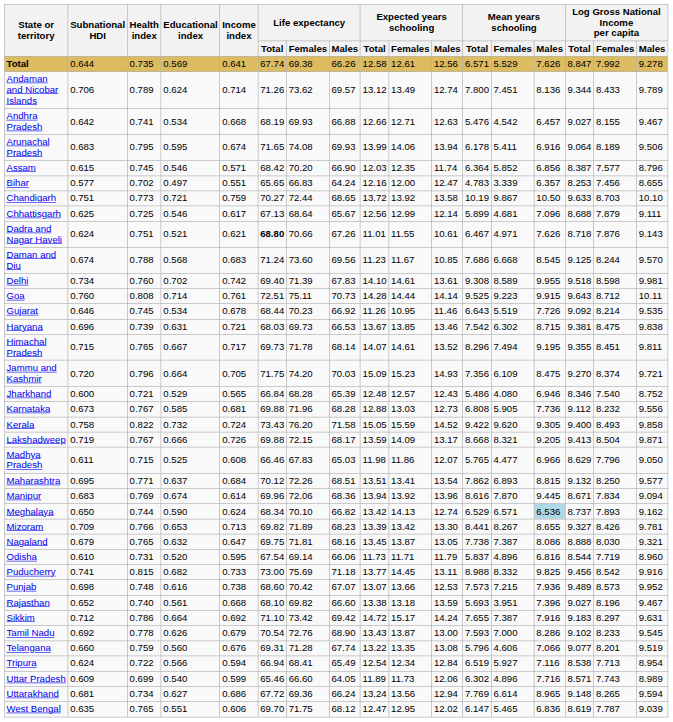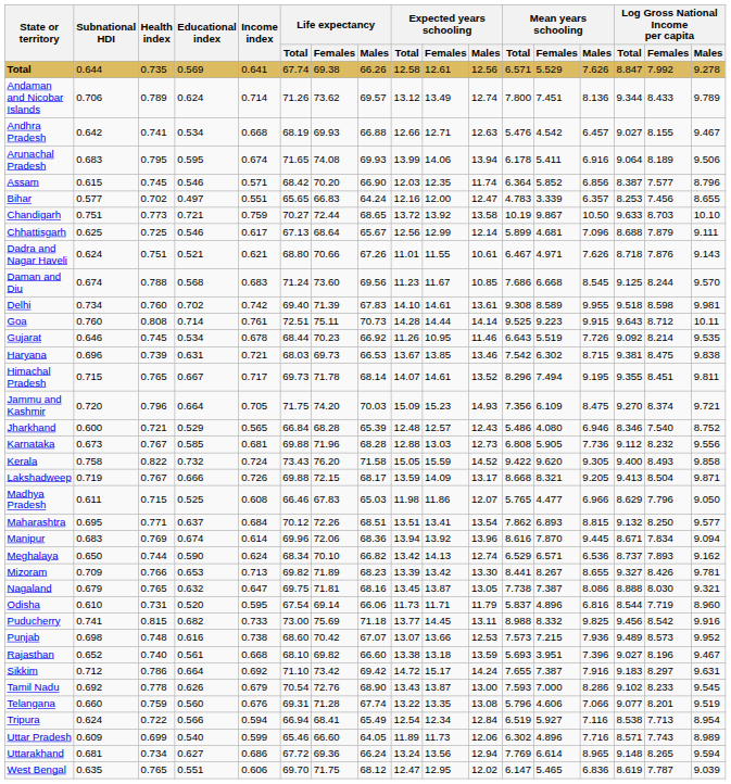 <table class="wikitable sortable sort-under-center">
 <tr>
 <th rowspan=2>State or territory</th>
 <th rowspan=2>Subnational<br>HDI</th>
 <th rowspan=2>Health<br>index</th>
 <th rowspan=2>Educational<br>index</th>
 <th rowspan=2>Income<br>index</th>
 <th colspan=3>Life expectancy</th>
 <th colspan=3>Expected years schooling</th>
 <th colspan=3>Mean years schooling</th>
 <th colspan=3>Log Gross National Income<br>per capita</th>
 </tr>
 <tr>
 <th>Total</th>
 <th>Females</th>
 <th>Males</th>
 <th>Total</th>
 <th>Females</th>
 <th>Males</th>
 <th>Total</th>
 <th>Females</th>
 <th>Males</th>
 <th>Total</th>
 <th>Females</th>
 <th>Males</th>
 </tr>
 <tr style="background:#DDBB60;">
 <td><strong>Total</strong></td>
 <td>0.644</td>
 <td>0.735</td>
 <td>0.569</td>
 <td>0.641</td>
 <td>67.74</td>
 <td>69.38</td>
 <td>66.26</td>
 <td>12.58</td>
 <td>12.61</td>
 <td>12.56</td>
 <td>6.571</td>
 <td>5.529</td>
 <td>7.626</td>
 <td>8.847</td>
 <td>7.992</td>
 <td>9.278</td>
 </tr>
 <tr>
 <td><a href='#'>Andaman and Nicobar Islands</a></td>
 <td>0.706</td>
 <td>0.789</td>
 <td>0.624</td>
 <td>0.714</td>
 <td>71.26</td>
 <td>73.62</td>
 <td>69.57</td>
 <td>13.12</td>
 <td>13.49</td>
 <td>12.74</td>
 <td>7.800</td>
 <td>7.451</td>
 <td>8.136</td>
 <td>9.344</td>
 <td>8.433</td>
 <td>9.789</td>
 </tr>
 <tr>
 <td><a href='#'>Andhra Pradesh</a></td>
 <td>0.642</td>
 <td>0.741</td>
 <td>0.534</td>
 <td>0.668</td>
 <td>68.19</td>
 <td>69.93</td>
 <td>66.88</td>
 <td>12.66</td>
 <td>12.71</td>
 <td>12.63</td>
 <td>5.476</td>
 <td>4.542</td>
 <td>6.457</td>
 <td>9.027</td>
 <td>8.155</td>
 <td>9.467</td>
 </tr>
 <tr>
 <td><a href='#'>Arunachal Pradesh</a></td>
 <td>0.683</td>
 <td>0.795</td>
 <td>0.595</td>
 <td>0.674</td>
 <td>71.65</td>
 <td>74.08</td>
 <td>69.93</td>
 <td>13.99</td>
 <td>14.06</td>
 <td>13.94</td>
 <td>6.178</td>
 <td>5.411</td>
 <td>6.916</td>
 <td>9.064</td>
 <td>8.189</td>
 <td>9.506</td>
 </tr>
 <tr>
 <td><a href='#'>Assam</a></td>
 <td>0.615</td>
 <td>0.745</td>
 <td>0.546</td>
 <td>0.571</td>
 <td>68.42</td>
 <td>70.20</td>
 <td>66.90</td>
 <td>12.03</td>
 <td>12.35</td>
 <td>11.74</td>
 <td>6.364</td>
 <td>5.852</td>
 <td>6.856</td>
 <td>8.387</td>
 <td>7.577</td>
 <td>8.796</td>
 </tr>
 <tr>
 <td><a href='#'>Bihar</a></td>
 <td>0.577</td>
 <td>0.702</td>
 <td>0.497</td>
 <td>0.551</td>
 <td>65.65</td>
 <td>66.83</td>
 <td>64.24</td>
 <td>12.16</td>
 <td>12.00</td>
 <td>12.47</td>
 <td>4.783</td>
 <td>3.339</td>
 <td>6.357</td>
 <td>8.253</td>
 <td>7.456</td>
 <td>8.655</td>
 </tr>
 <tr>
 <td><a href='#'>Chandigarh</a></td>
 <td>0.751</td>
 <td>0.773</td>
 <td>0.721</td>
 <td>0.759</td>
 <td>70.27</td>
 <td>72.44</td>
 <td>68.65</td>
 <td>13.72</td>
 <td>13.92</td>
 <td>13.58</td>
 <td>10.19</td>
 <td>9.867</td>
 <td>10.50</td>
 <td>9.633</td>
 <td>8.703</td>
 <td>10.10</td>
 </tr>
 <tr>
 <td><a href='#'>Chhattisgarh</a></td>
 <td>0.625</td>
 <td>0.725</td>
 <td>0.546</td>
 <td>0.617</td>
 <td>67.13</td>
 <td>68.64</td>
 <td>65.67</td>
 <td>12.56</td>
 <td>12.99</td>
 <td>12.14</td>
 <td>5.899</td>
 <td>4.681</td>
 <td>7.096</td>
 <td>8.688</td>
 <td>7.879</td>
 <td>9.111</td>
 </tr>
 <tr>
 <td><a href='#'>Dadra and Nagar Haveli</a></td>
 <td>0.624</td>
 <td>0.751</td>
 <td>0.521</td>
 <td>0.621</td>
-<td><strong>68.80</strong></td>
+<td>68.80</td>
 <td>70.66</td>
 <td>67.26</td>
 <td>11.01</td>
 <td>11.55</td>
 <td>10.61</td>
 <td>6.467</td>
 <td>4.971</td>
 <td>7.626</td>
 <td>8.718</td>
 <td>7.876</td>
 <td>9.143</td>
 </tr>
 <tr>
 <td><a href='#'>Daman and Diu</a></td>
 <td>0.674</td>
 <td>0.788</td>
 <td>0.568</td>
 <td>0.683</td>
 <td>71.24</td>
 <td>73.60</td>
 <td>69.56</td>
 <td>11.23</td>
 <td>11.67</td>
 <td>10.85</td>
 <td>7.686</td>
 <td>6.668</td>
 <td>8.545</td>
 <td>9.125</td>
 <td>8.244</td>
 <td>9.570</td>
 </tr>
 <tr>
 <td><a href='#'>Delhi</a></td>
 <td>0.734</td>
 <td>0.760</td>
 <td>0.702</td>
 <td>0.742</td>
 <td>69.40</td>
 <td>71.39</td>
 <td>67.83</td>
 <td>14.10</td>
 <td>14.61</td>
 <td>13.61</td>
 <td>9.308</td>
 <td>8.589</td>
 <td>9.955</td>
 <td>9.518</td>
 <td>8.598</td>
 <td>9.981</td>
 </tr>
 <tr>
 <td><a href='#'>Goa</a></td>
 <td>0.760</td>
 <td>0.808</td>
 <td>0.714</td>
 <td>0.761</td>
 <td>72.51</td>
 <td>75.11</td>
 <td>70.73</td>
 <td>14.28</td>
 <td>14.44</td>
 <td>14.14</td>
 <td>9.525</td>
 <td>9.223</td>
 <td>9.915</td>
 <td>9.643</td>
 <td>8.712</td>
 <td>10.11</td>
 </tr>
 <tr>
 <td><a href='#'>Gujarat</a></td>
 <td>0.646</td>
 <td>0.745</td>
 <td>0.534</td>
 <td>0.678</td>
 <td>68.44</td>
 <td>70.23</td>
 <td>66.92</td>
 <td>11.26</td>
 <td>10.95</td>
 <td>11.46</td>
 <td>6.643</td>
 <td>5.519</td>
 <td>7.726</td>
 <td>9.092</td>
 <td>8.214</td>
 <td>9.535</td>
 </tr>
 <tr>
 <td><a href='#'>Haryana</a></td>
 <td>0.696</td>
 <td>0.739</td>
 <td>0.631</td>
 <td>0.721</td>
 <td>68.03</td>
 <td>69.73</td>
 <td>66.53</td>
 <td>13.67</td>
 <td>13.85</td>
 <td>13.46</td>
 <td>7.542</td>
 <td>6.302</td>
 <td>8.715</td>
 <td>9.381</td>
 <td>8.475</td>
 <td>9.838</td>
 </tr>
 <tr>
 <td><a href='#'>Himachal Pradesh</a></td>
 <td>0.715</td>
 <td>0.765</td>
 <td>0.667</td>
 <td>0.717</td>
 <td>69.73</td>
 <td>71.78</td>
 <td>68.14</td>
 <td>14.07</td>
 <td>14.61</td>
 <td>13.52</td>
 <td>8.296</td>
 <td>7.494</td>
 <td>9.195</td>
 <td>9.355</td>
 <td>8.451</td>
 <td>9.811</td>
 </tr>
 <tr>
 <td><a href='#'>Jammu and Kashmir</a></td>
 <td>0.720</td>
 <td>0.796</td>
 <td>0.664</td>
 <td>0.705</td>
 <td>71.75</td>
 <td>74.20</td>
 <td>70.03</td>
 <td>15.09</td>
 <td>15.23</td>
 <td>14.93</td>
 <td>7.356</td>
 <td>6.109</td>
 <td>8.475</td>
 <td>9.270</td>
 <td>8.374</td>
 <td>9.721</td>
 </tr>
 <tr>
 <td><a href='#'>Jharkhand</a></td>
 <td>0.600</td>
 <td>0.721</td>
 <td>0.529</td>
 <td>0.565</td>
 <td>66.84</td>
 <td>68.28</td>
 <td>65.39</td>
 <td>12.48</td>
 <td>12.57</td>
 <td>12.43</td>
 <td>5.486</td>
 <td>4.080</td>
 <td>6.946</td>
 <td>8.346</td>
 <td>7.540</td>
 <td>8.752</td>
 </tr>
 <tr>
 <td><a href='#'>Karnataka</a></td>
 <td>0.673</td>
 <td>0.767</td>
 <td>0.585</td>
 <td>0.681</td>
 <td>69.88</td>
 <td>71.96</td>
 <td>68.28</td>
 <td>12.88</td>
 <td>13.03</td>
 <td>12.73</td>
 <td>6.808</td>
 <td>5.905</td>
 <td>7.736</td>
 <td>9.112</td>
 <td>8.232</td>
 <td>9.556</td>
 </tr>
 <tr>
 <td><a href='#'>Kerala</a></td>
 <td>0.758</td>
 <td>0.822</td>
 <td>0.732</td>
 <td>0.724</td>
 <td>73.43</td>
 <td>76.20</td>
 <td>71.58</td>
 <td>15.05</td>
 <td>15.59</td>
 <td>14.52</td>
 <td>9.422</td>
 <td>9.620</td>
 <td>9.305</td>
 <td>9.400</td>
 <td>8.493</td>
 <td>9.858</td>
 </tr>
 <tr>
 <td><a href='#'>Lakshadweep</a></td>
 <td>0.719</td>
 <td>0.767</td>
 <td>0.666</td>
 <td>0.726</td>
 <td>69.88</td>
 <td>72.15</td>
 <td>68.17</td>
 <td>13.59</td>
 <td>14.09</td>
 <td>13.17</td>
 <td>8.668</td>
 <td>8.321</td>
 <td>9.205</td>
 <td>9.413</td>
 <td>8.504</td>
 <td>9.871</td>
 </tr>
 <tr>
 <td><a href='#'>Madhya Pradesh</a></td>
 <td>0.611</td>
 <td>0.715</td>
 <td>0.525</td>
 <td>0.608</td>
 <td>66.46</td>
 <td>67.83</td>
 <td>65.03</td>
 <td>11.98</td>
 <td>11.86</td>
 <td>12.07</td>
 <td>5.765</td>
 <td>4.477</td>
 <td>6.966</td>
 <td>8.629</td>
 <td>7.796</td>
 <td>9.050</td>
 </tr>
 <tr>
 <td><a href='#'>Maharashtra</a></td>
 <td>0.695</td>
 <td>0.771</td>
 <td>0.637</td>
 <td>0.684</td>
 <td>70.12</td>
 <td>72.26</td>
 <td>68.51</td>
 <td>13.51</td>
 <td>13.41</td>
 <td>13.54</td>
 <td>7.862</td>
 <td>6.893</td>
 <td>8.815</td>
 <td>9.132</td>
 <td>8.250</td>
 <td>9.577</td>
 </tr>
 <tr>
 <td><a href='#'>Manipur</a></td>
 <td>0.683</td>
 <td>0.769</td>
 <td>0.674</td>
 <td>0.614</td>
 <td>69.96</td>
 <td>72.06</td>
 <td>68.36</td>
 <td>13.94</td>
 <td>13.92</td>
 <td>13.96</td>
 <td>8.616</td>
 <td>7.870</td>
 <td>9.445</td>
 <td>8.671</td>
 <td>7.834</td>
 <td>9.094</td>
 </tr>
 <tr>
 <td><a href='#'>Meghalaya</a></td>
 <td>0.650</td>
 <td>0.744</td>
 <td>0.590</td>
 <td>0.624</td>
 <td>68.34</td>
 <td>70.10</td>
 <td>66.82</td>
 <td>13.42</td>
 <td>14.13</td>
 <td>12.74</td>
 <td>6.529</td>
 <td>6.571</td>
-<td style="background: lightblue;">6.536</td>
+<td>6.536</td>
 <td>8.737</td>
 <td>7.893</td>
 <td>9.162</td>
 </tr>
 <tr>
 <td><a href='#'>Mizoram</a></td>
 <td>0.709</td>
 <td>0.766</td>
 <td>0.653</td>
 <td>0.713</td>
 <td>69.82</td>
 <td>71.89</td>
 <td>68.23</td>
 <td>13.39</td>
 <td>13.42</td>
 <td>13.30</td>
 <td>8.441</td>
 <td>8.267</td>
 <td>8.655</td>
 <td>9.327</td>
 <td>8.426</td>
 <td>9.781</td>
 </tr>
 <tr>
 <td><a href='#'>Nagaland</a></td>
 <td>0.679</td>
 <td>0.765</td>
 <td>0.632</td>
 <td>0.647</td>
 <td>69.75</td>
 <td>71.81</td>
 <td>68.16</td>
 <td>13.45</td>
 <td>13.87</td>
 <td>13.05</td>
 <td>7.738</td>
 <td>7.387</td>
 <td>8.086</td>
 <td>8.888</td>
 <td>8.030</td>
 <td>9.321</td>
 </tr>
 <tr>
 <td><a href='#'>Odisha</a></td>
 <td>0.610</td>
 <td>0.731</td>
 <td>0.520</td>
 <td>0.595</td>
 <td>67.54</td>
 <td>69.14</td>
 <td>66.06</td>
 <td>11.73</td>
 <td>11.71</td>
 <td>11.79</td>
 <td>5.837</td>
 <td>4.896</td>
 <td>6.816</td>
 <td>8.544</td>
 <td>7.719</td>
 <td>8.960</td>
 </tr>
 <tr>
 <td><a href='#'>Puducherry</a></td>
 <td>0.741</td>
 <td>0.815</td>
 <td>0.682</td>
 <td>0.733</td>
 <td>73.00</td>
 <td>75.69</td>
 <td>71.18</td>
 <td>13.77</td>
 <td>14.45</td>
 <td>13.11</td>
 <td>8.988</td>
 <td>8.332</td>
 <td>9.825</td>
 <td>9.456</td>
 <td>8.542</td>
 <td>9.916</td>
 </tr>
 <tr>
 <td><a href='#'>Punjab</a></td>
 <td>0.698</td>
 <td>0.748</td>
 <td>0.616</td>
 <td>0.738</td>
 <td>68.60</td>
 <td>70.42</td>
 <td>67.07</td>
 <td>13.07</td>
 <td>13.66</td>
 <td>12.53</td>
 <td>7.573</td>
 <td>7.215</td>
 <td>7.936</td>
 <td>9.489</td>
 <td>8.573</td>
 <td>9.952</td>
 </tr>
 <tr>
 <td><a href='#'>Rajasthan</a></td>
 <td>0.652</td>
 <td>0.740</td>
 <td>0.561</td>
 <td>0.668</td>
 <td>68.10</td>
 <td>69.82</td>
 <td>66.60</td>
 <td>13.38</td>
 <td>13.18</td>
 <td>13.59</td>
 <td>5.693</td>
 <td>3.951</td>
 <td>7.396</td>
 <td>9.027</td>
 <td>8.196</td>
 <td>9.467</td>
 </tr>
 <tr>
 <td><a href='#'>Sikkim</a></td>
 <td>0.712</td>
 <td>0.786</td>
 <td>0.664</td>
 <td>0.692</td>
 <td>71.10</td>
 <td>73.42</td>
 <td>69.42</td>
 <td>14.72</td>
 <td>15.17</td>
 <td>14.24</td>
 <td>7.655</td>
 <td>7.387</td>
 <td>7.916</td>
 <td>9.183</td>
 <td>8.297</td>
 <td>9.631</td>
 </tr>
 <tr>
 <td><a href='#'>Tamil Nadu</a></td>
 <td>0.692</td>
 <td>0.778</td>
 <td>0.626</td>
 <td>0.679</td>
 <td>70.54</td>
 <td>72.76</td>
 <td>68.90</td>
 <td>13.43</td>
 <td>13.87</td>
 <td>13.00</td>
 <td>7.593</td>
 <td>7.000</td>
 <td>8.286</td>
 <td>9.102</td>
 <td>8.233</td>
 <td>9.545</td>
 </tr>
 <tr>
 <td><a href='#'>Telangana</a></td>
 <td>0.660</td>
 <td>0.759</td>
 <td>0.560</td>
 <td>0.676</td>
 <td>69.31</td>
 <td>71.28</td>
 <td>67.74</td>
 <td>13.22</td>
 <td>13.35</td>
 <td>13.08</td>
 <td>5.796</td>
 <td>4.606</td>
 <td>7.066</td>
 <td>9.077</td>
 <td>8.201</td>
 <td>9.519</td>
 </tr>
 <tr>
 <td><a href='#'>Tripura</a></td>
 <td>0.624</td>
 <td>0.722</td>
 <td>0.566</td>
 <td>0.594</td>
 <td>66.94</td>
 <td>68.41</td>
 <td>65.49</td>
 <td>12.54</td>
 <td>12.34</td>
 <td>12.84</td>
 <td>6.519</td>
 <td>5.927</td>
 <td>7.116</td>
 <td>8.538</td>
 <td>7.713</td>
 <td>8.954</td>
 </tr>
 <tr>
 <td><a href='#'>Uttar Pradesh</a></td>
 <td>0.609</td>
 <td>0.699</td>
 <td>0.540</td>
 <td>0.599</td>
 <td>65.46</td>
 <td>66.60</td>
 <td>64.05</td>
 <td>11.89</td>
 <td>11.73</td>
 <td>12.06</td>
 <td>6.302</td>
 <td>4.896</td>
 <td>7.716</td>
 <td>8.571</td>
 <td>7.743</td>
 <td>8.989</td>
 </tr>
 <tr>
 <td><a href='#'>Uttarakhand</a></td>
 <td>0.681</td>
 <td>0.734</td>
 <td>0.627</td>
 <td>0.686</td>
 <td>67.72</td>
 <td>69.36</td>
 <td>66.24</td>
 <td>13.24</td>
 <td>13.56</td>
 <td>12.94</td>
 <td>7.769</td>
 <td>6.614</td>
 <td>8.965</td>
 <td>9.148</td>
 <td>8.265</td>
 <td>9.594</td>
 </tr>
 <tr>
 <td><a href='#'>West Bengal</a></td>
 <td>0.635</td>
 <td>0.765</td>
 <td>0.551</td>
 <td>0.606</td>
 <td>69.70</td>
 <td>71.75</td>
 <td>68.12</td>
 <td>12.47</td>
 <td>12.95</td>
 <td>12.02</td>
 <td>6.147</td>
 <td>5.465</td>
 <td>6.836</td>
 <td>8.619</td>
 <td>7.787</td>
 <td>9.039</td>
 </tr>
 </table>
